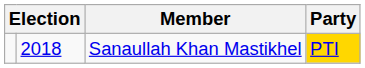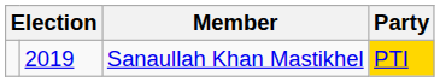 <table class="wikitable">
 <tr>
 <th colspan="2">Election</th>
 <th>Member</th>
 <th>Party</th>
 </tr>
 <tr>
 <td style="background-color: "></td>
-<td><a href='#'>2018</a></td>
+<td><a href='#'>2019</a></td>
 <td><a href='#'>Sanaullah Khan Mastikhel</a></td>
 <td style="background: gold;"><a href='#'>PTI</a></td>
 </tr>
 </table>
